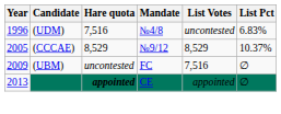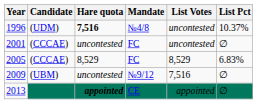 <table class="wikitable" style="margin:0.5em ; font-size:95%">
 <tr>
 <th>Year</th>
 <th>Candidate</th>
 <th>Hare quota</th>
 <th>Mandate</th>
 <th>List Votes</th>
 <th>List Pct</th>
 </tr>
 <tr>
 <td><a href='#'>1996</a></td>
 <td> (<a href='#'>UDM</a>)</td>
-<td>7,516</td>
+<td><strong>7,516</strong></td>
 <td><a href='#'>№4/8</a></td>
 <td><em>uncontested</em></td>
-<td>6.83%</td>
+<td>10.37%</td>
+</tr>
+<tr>
+<td><a href='#'>2001</a></td>
+<td> (<a href='#'>CCCAE</a>)</td>
+<td><em>uncontested</em></td>
+<td><a href='#'>FC</a></td>
+<td><em>uncontested</em></td>
+<td>∅</td>
 </tr>
 <tr>
 <td><a href='#'>2005</a></td>
 <td> (<a href='#'>CCCAE</a>)</td>
 <td>8,529</td>
-<td><a href='#'>№9/12</a></td>
+<td><a href='#'>FC</a></td>
 <td>8,529</td>
-<td>10.37%</td>
+<td>6.83%</td>
 </tr>
 <tr>
 <td><a href='#'>2009</a></td>
 <td> (<a href='#'>UBM</a>)</td>
 <td><em>uncontested</em></td>
-<td><a href='#'>FC</a></td>
+<td><a href='#'>№9/12</a></td>
 <td>7,516</td>
 <td>∅</td>
 </tr>
 <tr>
 <td><a href='#'>2013</a></td>
 <td bgcolor="#00785E"></td>
 <td bgcolor="#00785E" align="right"><strong><em>appointed</em></strong></td>
 <td bgcolor="#00785E"><a href='#'>CE</a></td>
 <td bgcolor="#00785E" align="right"><em>appointed</em></td>
 <td bgcolor="#00785E">∅</td>
 </tr>
 </table>
